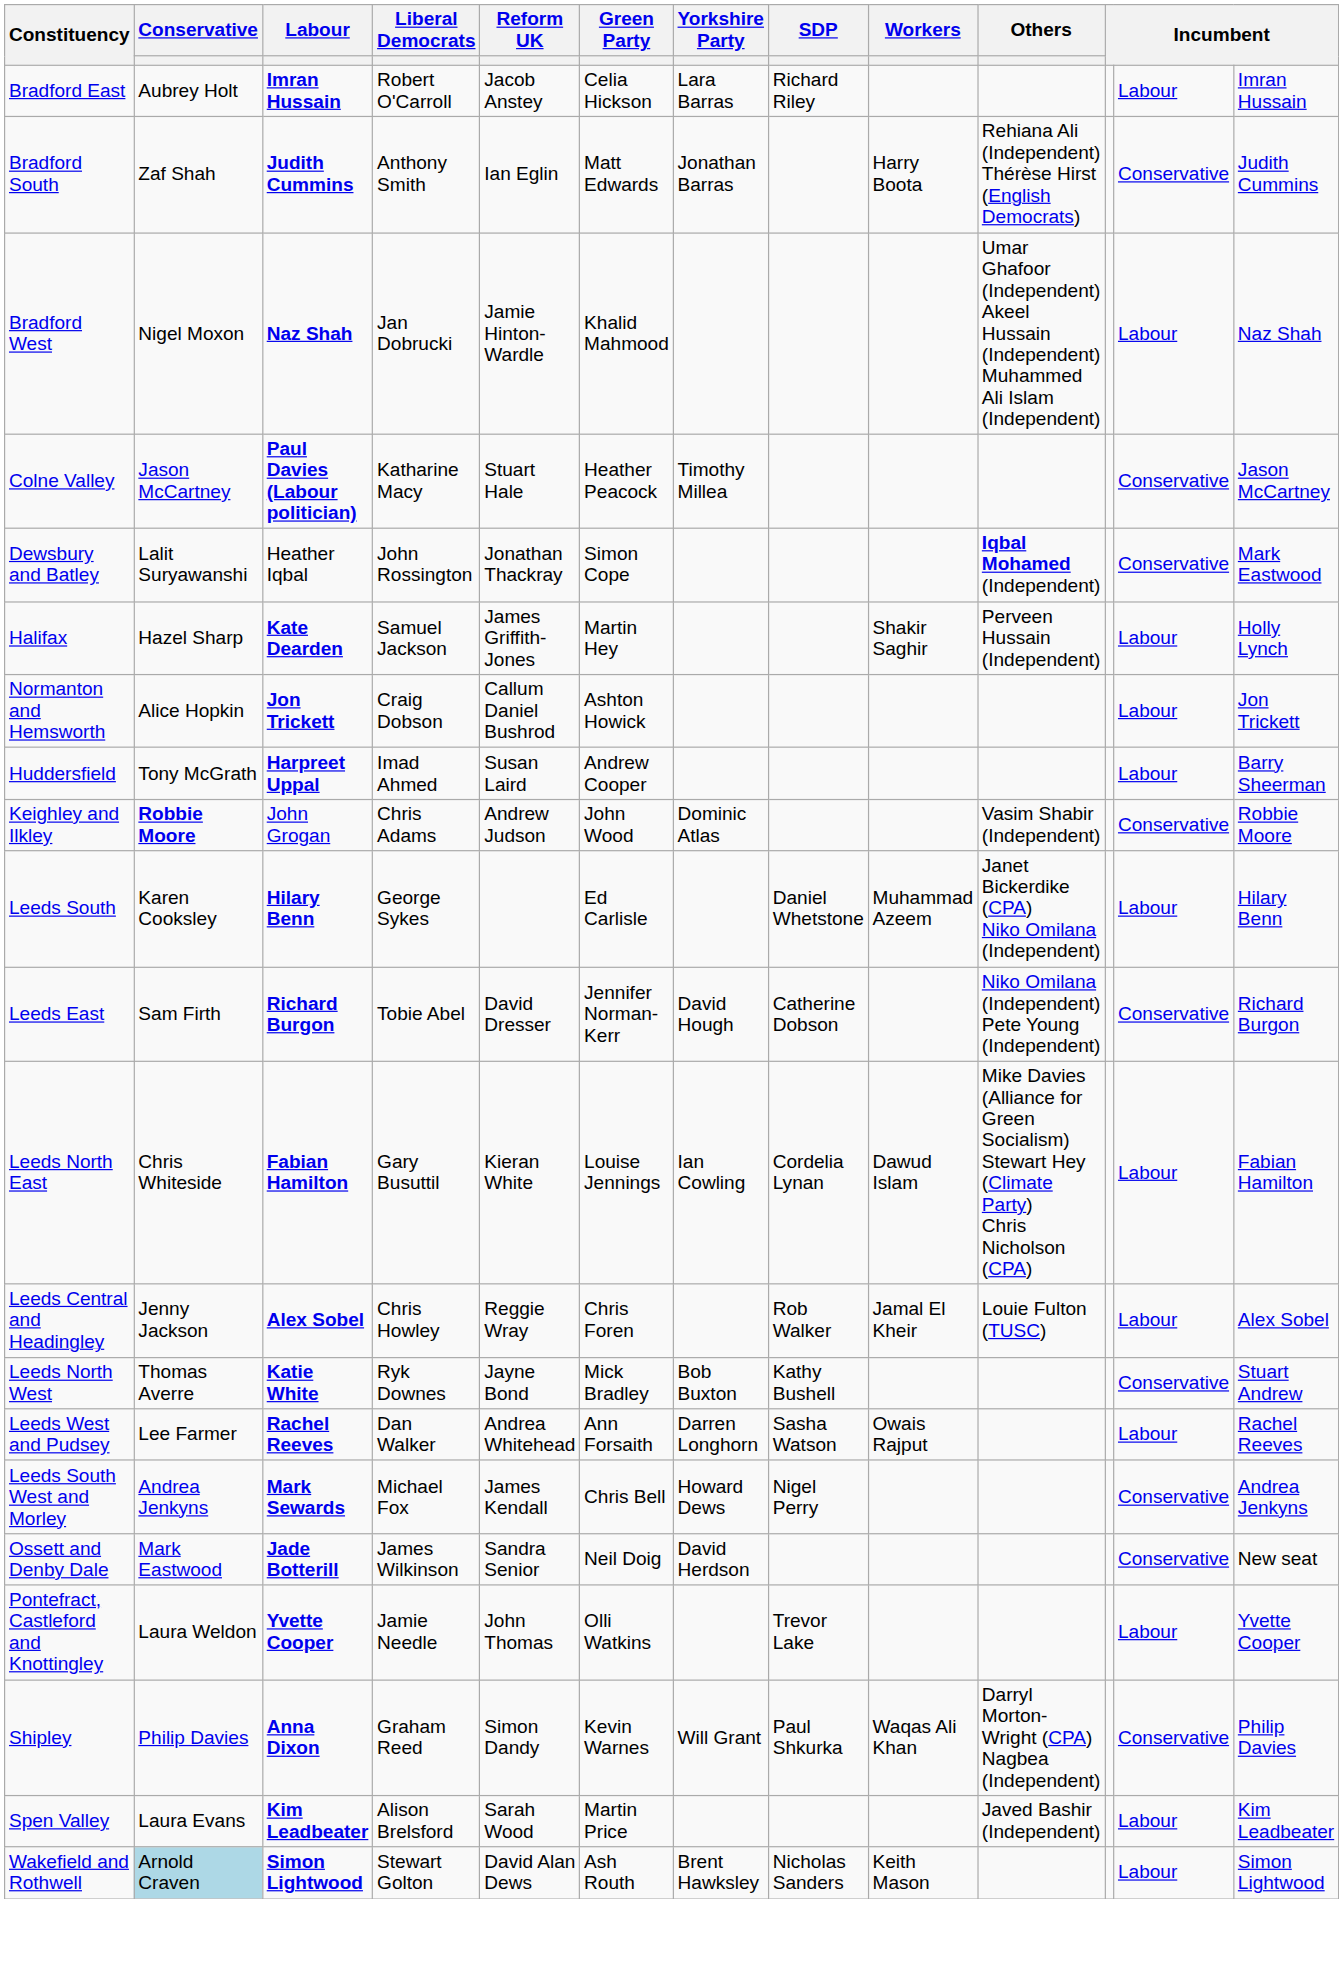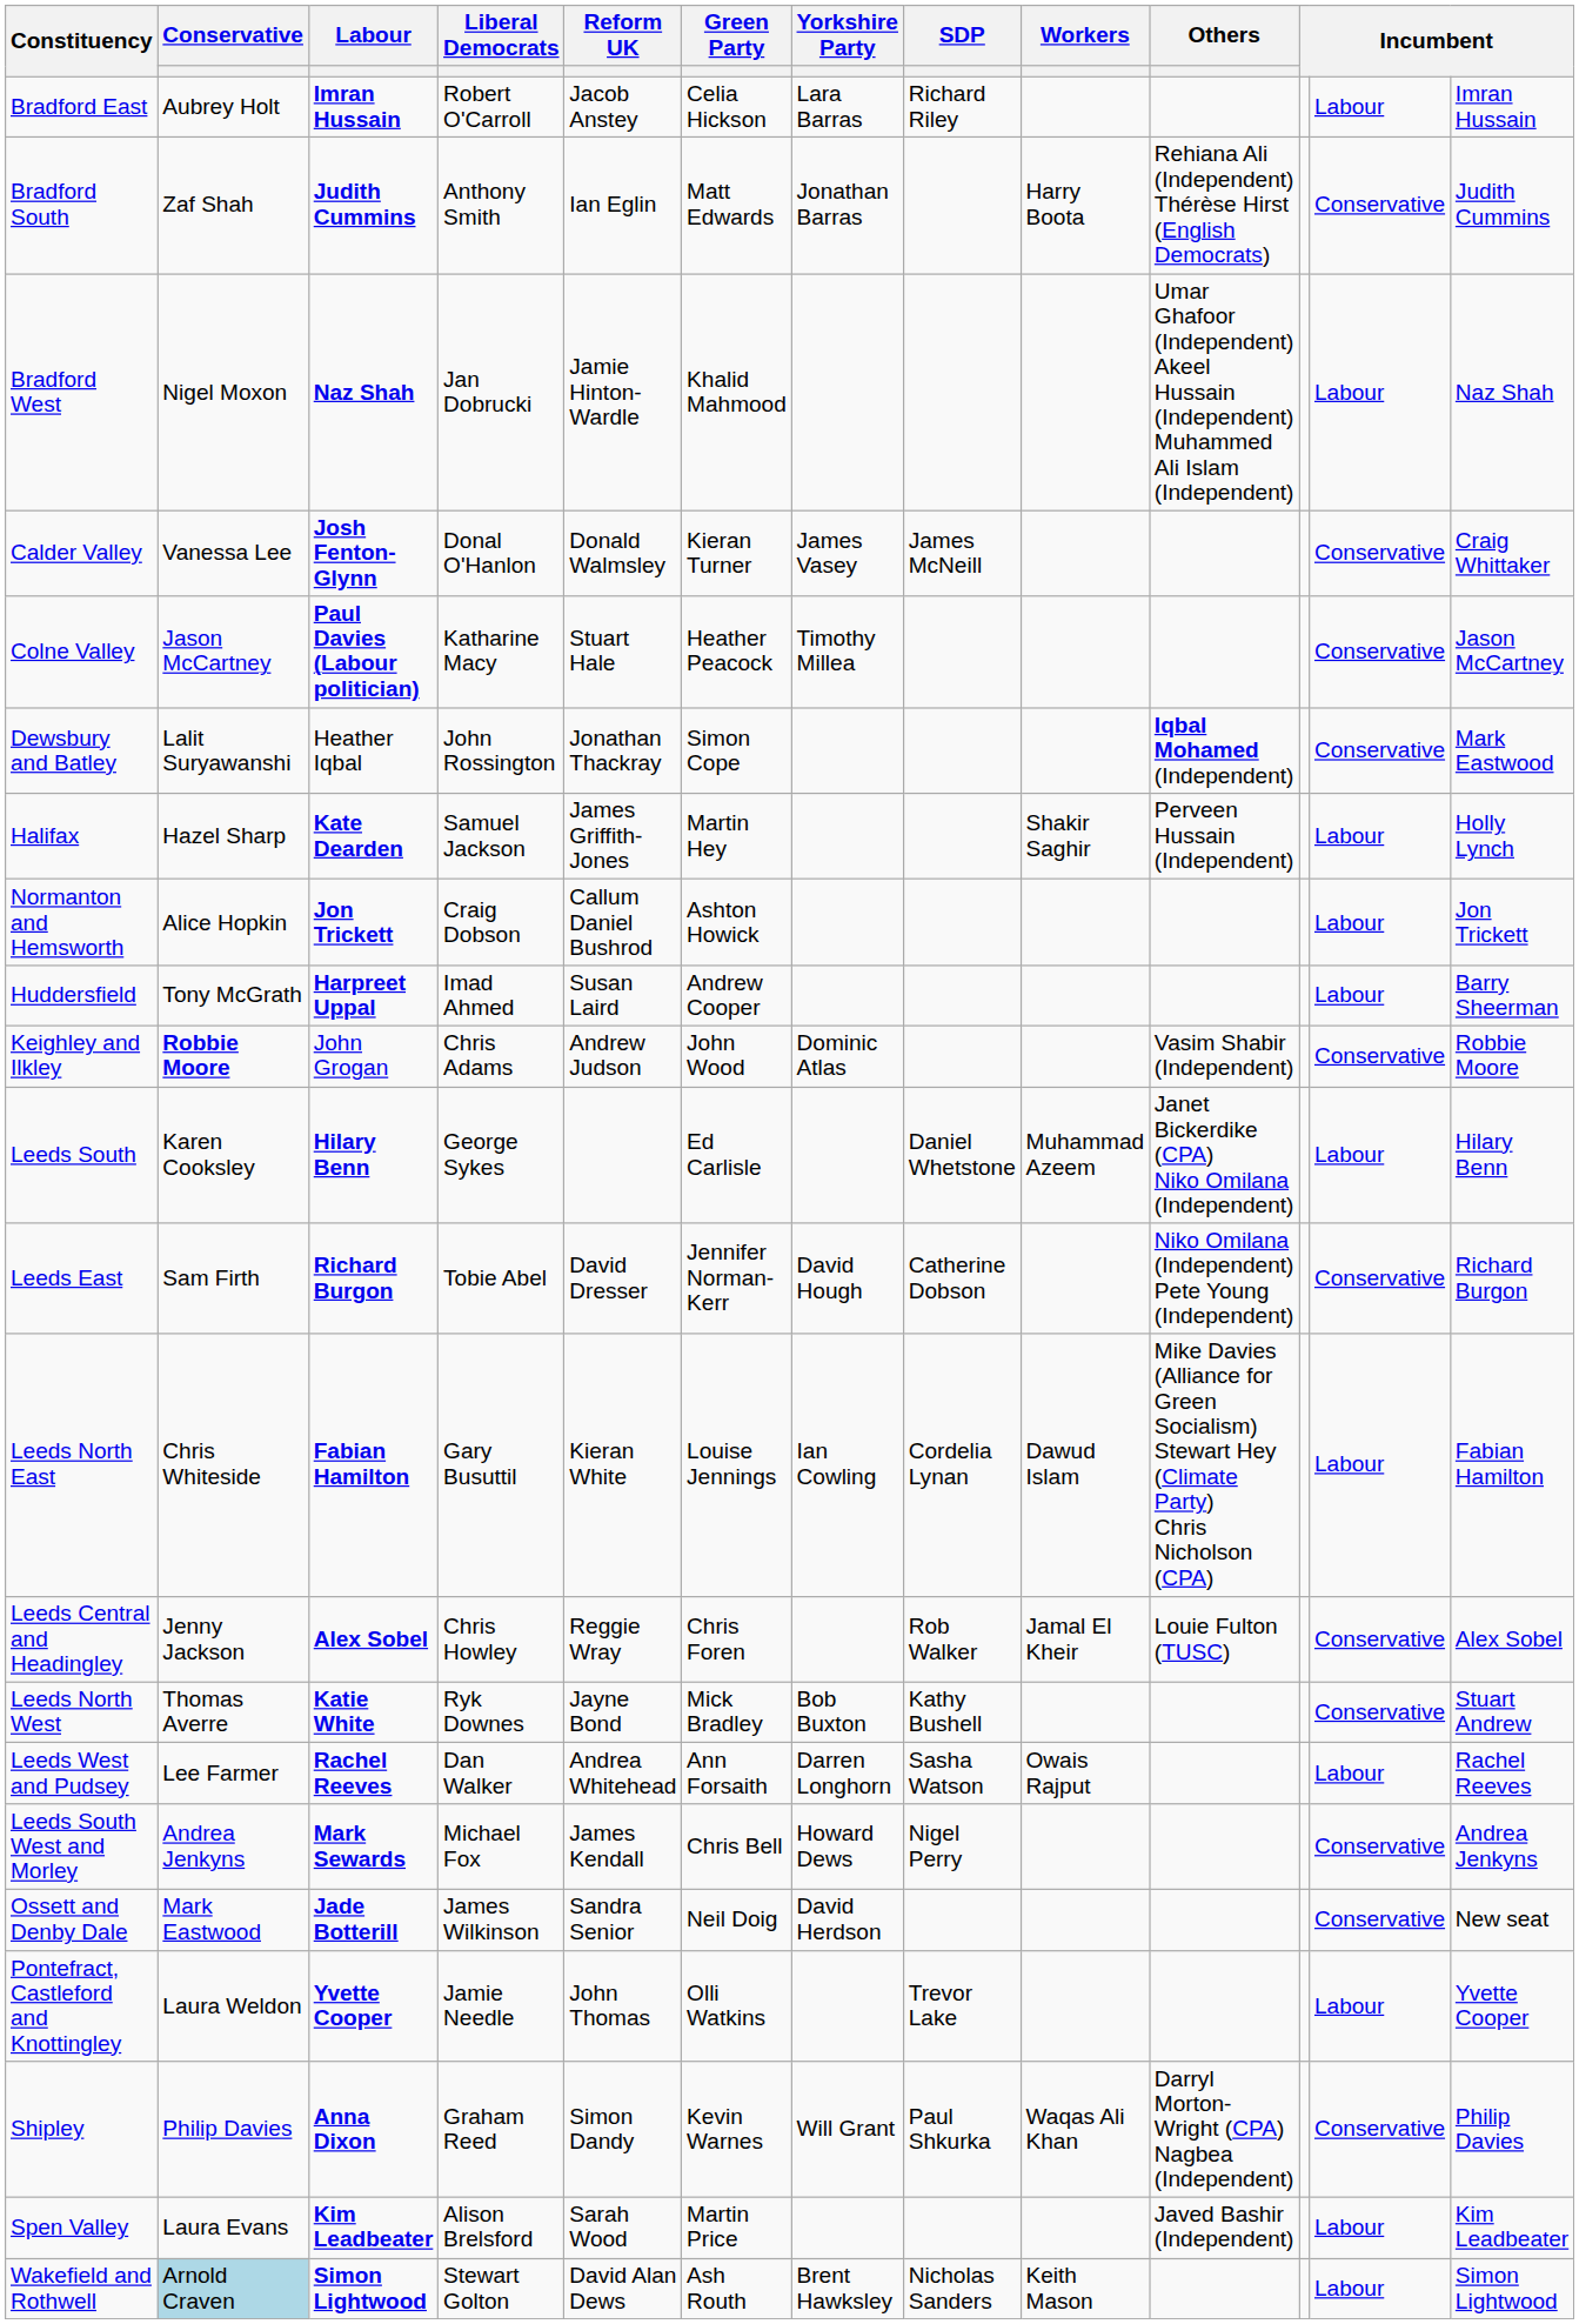 <table class="wikitable sortable sticky-header">
 <tr>
 <th rowspan="2">Constituency</th>
 <th><a href='#'>Conservative</a></th>
 <th><a href='#'>Labour</a></th>
 <th><a href='#'>Liberal Democrats</a></th>
 <th><a href='#'>Reform UK</a></th>
 <th><a href='#'>Green Party</a></th>
 <th><a href='#'>Yorkshire Party</a></th>
 <th><a href='#'>SDP</a></th>
 <th><a href='#'>Workers</a></th>
 <th>Others</th>
 <th colspan="3" rowspan="2">Incumbent</th>
 </tr>
 <tr>
 <th class="unsortable" style="background-color: "></th>
 <th class="unsortable" style="background-color: "></th>
 <th class="unsortable" style="background-color: "></th>
 <th class="unsortable" style="background-color: "></th>
 <th class="unsortable" style="background-color: "></th>
 <th class="unsortable" style="background-color: "></th>
 <th class="unsortable" style="background-color: "></th>
 <th class="unsortable" style="background-color: "></th>
 <th class="unsortable"></th>
 </tr>
 <tr>
 <td><a href='#'>Bradford East</a></td>
 <td>Aubrey Holt</td>
 <td><strong><a href='#'>Imran Hussain</a></strong></td>
 <td>Robert O'Carroll</td>
 <td>Jacob Anstey</td>
 <td>Celia Hickson</td>
 <td>Lara Barras</td>
 <td>Richard Riley</td>
 <td></td>
 <td></td>
 <td></td>
 <td><a href='#'>Labour</a></td>
 <td><a href='#'>Imran Hussain</a></td>
 </tr>
 <tr>
 <td><a href='#'>Bradford South</a></td>
 <td>Zaf Shah</td>
 <td><strong><a href='#'>Judith Cummins</a></strong></td>
 <td>Anthony Smith</td>
 <td>Ian Eglin</td>
 <td>Matt Edwards</td>
 <td>Jonathan Barras</td>
 <td></td>
 <td>Harry Boota</td>
 <td>Rehiana Ali (Independent)<br>Thérèse Hirst (<a href='#'>English Democrats</a>)</td>
 <td></td>
 <td><a href='#'>Conservative</a></td>
 <td><a href='#'>Judith Cummins</a></td>
 </tr>
 <tr>
 <td><a href='#'>Bradford West</a></td>
 <td>Nigel Moxon</td>
 <td><strong><a href='#'>Naz Shah</a></strong></td>
 <td>Jan Dobrucki</td>
 <td>Jamie Hinton-Wardle</td>
 <td>Khalid Mahmood</td>
 <td></td>
 <td></td>
 <td></td>
 <td>Umar Ghafoor (Independent)<br>Akeel Hussain (Independent)<br>Muhammed Ali Islam (Independent)</td>
 <td></td>
 <td><a href='#'>Labour</a></td>
 <td><a href='#'>Naz Shah</a></td>
+</tr>
+<tr>
+<td><a href='#'>Calder Valley</a></td>
+<td>Vanessa Lee</td>
+<td><strong><a href='#'>Josh Fenton-Glynn</a></strong></td>
+<td>Donal O'Hanlon</td>
+<td>Donald Walmsley</td>
+<td>Kieran Turner</td>
+<td>James Vasey</td>
+<td>James McNeill</td>
+<td></td>
+<td></td>
+<td></td>
+<td><a href='#'>Conservative</a></td>
+<td><a href='#'>Craig Whittaker</a></td>
 </tr>
 <tr>
 <td><a href='#'>Colne Valley</a></td>
 <td><a href='#'>Jason McCartney</a></td>
 <td><strong><a href='#'>Paul Davies (Labour politician)</a></strong></td>
 <td>Katharine Macy</td>
 <td>Stuart Hale</td>
 <td>Heather Peacock</td>
 <td>Timothy Millea</td>
 <td></td>
 <td></td>
 <td></td>
 <td></td>
 <td><a href='#'>Conservative</a></td>
 <td><a href='#'>Jason McCartney</a></td>
 </tr>
 <tr>
 <td><a href='#'>Dewsbury and Batley</a></td>
 <td>Lalit Suryawanshi</td>
 <td>Heather Iqbal</td>
 <td>John Rossington</td>
 <td>Jonathan Thackray</td>
 <td>Simon Cope</td>
 <td></td>
 <td></td>
 <td></td>
 <td><strong><a href='#'>Iqbal Mohamed</a></strong> (Independent)</td>
 <td></td>
 <td><a href='#'>Conservative</a></td>
 <td><a href='#'>Mark Eastwood</a></td>
 </tr>
 <tr>
 <td><a href='#'>Halifax</a></td>
 <td>Hazel Sharp</td>
 <td><strong><a href='#'>Kate Dearden</a></strong></td>
 <td>Samuel Jackson</td>
 <td>James Griffith-Jones</td>
 <td>Martin Hey</td>
 <td></td>
 <td></td>
 <td>Shakir Saghir</td>
 <td>Perveen Hussain (Independent)</td>
 <td></td>
 <td><a href='#'>Labour</a></td>
 <td><a href='#'>Holly Lynch</a></td>
 </tr>
 <tr>
 <td><a href='#'>Normanton and Hemsworth</a></td>
 <td>Alice Hopkin</td>
 <td><strong><a href='#'>Jon Trickett</a></strong></td>
 <td>Craig Dobson</td>
 <td>Callum Daniel Bushrod</td>
 <td>Ashton Howick</td>
 <td></td>
 <td></td>
 <td></td>
 <td></td>
 <td></td>
 <td><a href='#'>Labour</a></td>
 <td><a href='#'>Jon Trickett</a></td>
 </tr>
 <tr>
 <td><a href='#'>Huddersfield</a></td>
 <td>Tony McGrath</td>
 <td><strong><a href='#'>Harpreet Uppal</a></strong></td>
 <td>Imad Ahmed</td>
 <td>Susan Laird</td>
 <td>Andrew Cooper</td>
 <td></td>
 <td></td>
 <td></td>
 <td></td>
 <td></td>
 <td><a href='#'>Labour</a></td>
 <td><a href='#'>Barry Sheerman</a></td>
 </tr>
 <tr>
 <td><a href='#'>Keighley and Ilkley</a></td>
 <td><strong><a href='#'>Robbie Moore</a></strong></td>
 <td><a href='#'>John Grogan</a></td>
 <td>Chris Adams</td>
 <td>Andrew Judson</td>
 <td>John Wood</td>
 <td>Dominic Atlas</td>
 <td></td>
 <td></td>
 <td>Vasim Shabir (Independent)</td>
 <td></td>
 <td><a href='#'>Conservative</a></td>
 <td><a href='#'>Robbie Moore</a></td>
 </tr>
 <tr>
 <td><a href='#'>Leeds South</a></td>
 <td>Karen Cooksley</td>
 <td><strong><a href='#'>Hilary Benn</a></strong></td>
 <td>George Sykes</td>
 <td></td>
 <td>Ed Carlisle</td>
 <td></td>
 <td>Daniel Whetstone</td>
 <td>Muhammad Azeem</td>
 <td>Janet Bickerdike (<a href='#'>CPA</a>)<br><a href='#'>Niko Omilana</a> (Independent)</td>
 <td></td>
 <td><a href='#'>Labour</a></td>
 <td><a href='#'>Hilary Benn</a></td>
 </tr>
 <tr>
 <td><a href='#'>Leeds East</a></td>
 <td>Sam Firth</td>
 <td><strong><a href='#'>Richard Burgon</a></strong></td>
 <td>Tobie Abel</td>
 <td>David Dresser</td>
 <td>Jennifer Norman-Kerr</td>
 <td>David Hough</td>
 <td>Catherine Dobson</td>
 <td></td>
 <td><a href='#'>Niko Omilana</a> (Independent)<br>Pete Young (Independent)</td>
 <td></td>
 <td><a href='#'>Conservative</a></td>
 <td><a href='#'>Richard Burgon</a></td>
 </tr>
 <tr>
 <td><a href='#'>Leeds North East</a></td>
 <td>Chris Whiteside</td>
 <td><strong><a href='#'>Fabian Hamilton</a></strong></td>
 <td>Gary Busuttil</td>
 <td>Kieran White</td>
 <td>Louise Jennings</td>
 <td>Ian Cowling</td>
 <td>Cordelia Lynan</td>
 <td>Dawud Islam</td>
 <td>Mike Davies (Alliance for Green Socialism)<br>Stewart Hey (<a href='#'>Climate Party</a>)<br>Chris Nicholson (<a href='#'>CPA</a>)</td>
 <td></td>
 <td><a href='#'>Labour</a></td>
 <td><a href='#'>Fabian Hamilton</a></td>
 </tr>
 <tr>
 <td><a href='#'>Leeds Central and Headingley</a></td>
 <td>Jenny Jackson</td>
 <td><strong><a href='#'>Alex Sobel</a></strong></td>
 <td>Chris Howley</td>
 <td>Reggie Wray</td>
 <td>Chris Foren</td>
 <td></td>
 <td>Rob Walker</td>
 <td>Jamal El Kheir</td>
 <td>Louie Fulton (<a href='#'>TUSC</a>)</td>
 <td></td>
-<td><a href='#'>Labour</a></td>
+<td><a href='#'>Conservative</a></td>
 <td><a href='#'>Alex Sobel</a></td>
 </tr>
 <tr>
 <td><a href='#'>Leeds North West</a></td>
 <td>Thomas Averre</td>
 <td><strong><a href='#'>Katie White</a></strong></td>
 <td>Ryk Downes</td>
 <td>Jayne Bond</td>
 <td>Mick Bradley</td>
 <td>Bob Buxton</td>
 <td>Kathy Bushell</td>
 <td></td>
 <td></td>
 <td></td>
 <td><a href='#'>Conservative</a></td>
 <td><a href='#'>Stuart Andrew</a></td>
 </tr>
 <tr>
 <td><a href='#'>Leeds West and Pudsey</a></td>
 <td>Lee Farmer</td>
 <td><strong><a href='#'>Rachel Reeves</a></strong></td>
 <td>Dan Walker</td>
 <td>Andrea Whitehead</td>
 <td>Ann Forsaith</td>
 <td>Darren Longhorn</td>
 <td>Sasha Watson</td>
 <td>Owais Rajput</td>
 <td></td>
 <td></td>
 <td><a href='#'>Labour</a></td>
 <td><a href='#'>Rachel Reeves</a></td>
 </tr>
 <tr>
 <td><a href='#'>Leeds South West and Morley</a></td>
 <td><a href='#'>Andrea Jenkyns</a></td>
 <td><strong><a href='#'>Mark Sewards</a></strong></td>
 <td>Michael Fox</td>
 <td>James Kendall</td>
 <td>Chris Bell</td>
 <td>Howard Dews</td>
 <td>Nigel Perry</td>
 <td></td>
 <td></td>
 <td></td>
 <td><a href='#'>Conservative</a></td>
 <td><a href='#'>Andrea Jenkyns</a></td>
 </tr>
 <tr>
 <td><a href='#'>Ossett and Denby Dale</a></td>
 <td><a href='#'>Mark Eastwood</a></td>
 <td><strong><a href='#'>Jade Botterill</a></strong></td>
 <td>James Wilkinson</td>
 <td>Sandra Senior</td>
 <td>Neil Doig</td>
 <td>David Herdson</td>
 <td></td>
 <td></td>
 <td></td>
 <td></td>
 <td><a href='#'>Conservative</a></td>
 <td>New seat</td>
 </tr>
 <tr>
 <td><a href='#'>Pontefract, Castleford and Knottingley</a></td>
 <td>Laura Weldon</td>
 <td><strong><a href='#'>Yvette Cooper</a></strong></td>
 <td>Jamie Needle</td>
 <td>John Thomas</td>
 <td>Olli Watkins</td>
 <td></td>
 <td>Trevor Lake</td>
 <td></td>
 <td></td>
 <td></td>
 <td><a href='#'>Labour</a></td>
 <td><a href='#'>Yvette Cooper</a></td>
 </tr>
 <tr>
 <td><a href='#'>Shipley</a></td>
 <td><a href='#'>Philip Davies</a></td>
 <td><strong><a href='#'>Anna Dixon</a></strong></td>
 <td>Graham Reed</td>
 <td>Simon Dandy</td>
 <td>Kevin Warnes</td>
 <td>Will Grant</td>
 <td>Paul Shkurka</td>
 <td>Waqas Ali Khan</td>
 <td>Darryl Morton-Wright (<a href='#'>CPA</a>)<br>Nagbea (Independent)</td>
 <td></td>
 <td><a href='#'>Conservative</a></td>
 <td><a href='#'>Philip Davies</a></td>
 </tr>
 <tr>
 <td><a href='#'>Spen Valley</a></td>
 <td>Laura Evans</td>
 <td><strong><a href='#'>Kim Leadbeater</a></strong></td>
 <td>Alison Brelsford</td>
 <td>Sarah Wood</td>
 <td>Martin Price</td>
 <td></td>
 <td></td>
 <td></td>
 <td>Javed Bashir (Independent)</td>
 <td></td>
 <td><a href='#'>Labour</a></td>
 <td><a href='#'>Kim Leadbeater</a></td>
 </tr>
 <tr>
 <td><a href='#'>Wakefield and Rothwell</a></td>
 <td style="background: lightblue;">Arnold Craven</td>
 <td><strong><a href='#'>Simon Lightwood</a></strong></td>
 <td>Stewart Golton</td>
 <td>David Alan Dews</td>
 <td>Ash Routh</td>
 <td>Brent Hawksley</td>
 <td>Nicholas Sanders</td>
 <td>Keith Mason</td>
 <td></td>
 <td></td>
 <td><a href='#'>Labour</a></td>
 <td><a href='#'>Simon Lightwood</a></td>
 </tr>
 </table>
